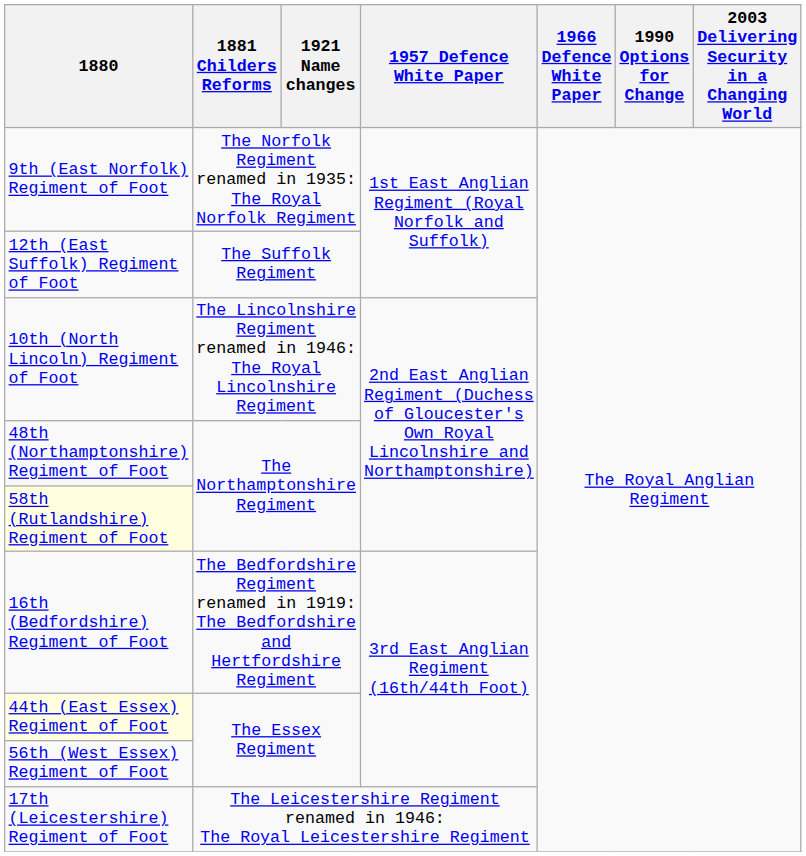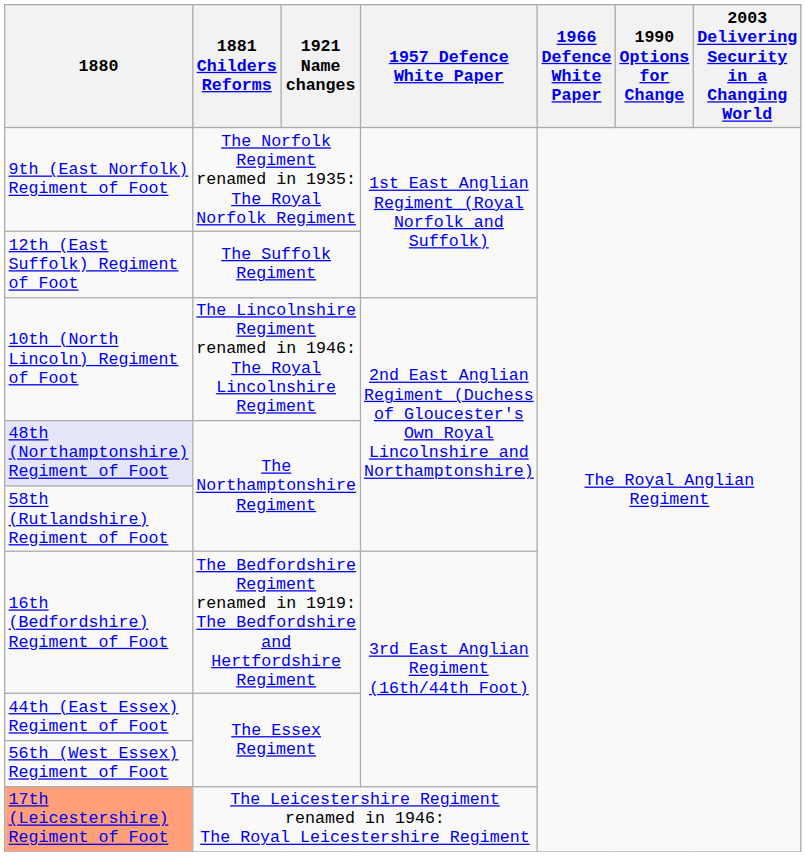 <table class="wikitable">
 <tr>
 <th>1880</th>
 <th>1881 <a href='#'>Childers Reforms</a></th>
 <th>1921 Name changes</th>
 <th><a href='#'>1957 Defence White Paper</a></th>
 <th><a href='#'>1966 Defence White Paper</a></th>
 <th>1990 <a href='#'>Options for Change</a></th>
 <th>2003 <a href='#'>Delivering Security in a Changing World</a></th>
 </tr>
 <tr>
 <td><a href='#'>9th (East Norfolk) Regiment of Foot</a></td>
 <td colspan="2" style="text-align:center;"><a href='#'>The Norfolk Regiment</a><br>renamed in 1935:<br><a href='#'>The Royal Norfolk Regiment</a></td>
 <td rowspan="2" style="text-align:center;"><a href='#'>1st East Anglian Regiment (Royal Norfolk and Suffolk)</a></td>
 <td rowspan="9" colspan="3" style="text-align: center;"><a href='#'>The Royal Anglian Regiment</a></td>
 </tr>
 <tr>
 <td><a href='#'>12th (East Suffolk) Regiment of Foot</a></td>
 <td colspan="2" style="text-align:center;"><a href='#'>The Suffolk Regiment</a></td>
 </tr>
 <tr>
 <td><a href='#'>10th (North Lincoln) Regiment of Foot</a></td>
 <td colspan="2" style="text-align:center;"><a href='#'>The Lincolnshire Regiment</a><br>renamed in 1946:<br><a href='#'>The Royal Lincolnshire Regiment</a></td>
 <td rowspan="3" style="text-align:center;"><a href='#'>2nd East Anglian Regiment (Duchess of Gloucester's Own Royal Lincolnshire and Northamptonshire)</a></td>
 </tr>
 <tr>
-<td><a href='#'>48th (Northamptonshire) Regiment of Foot</a></td>
+<td style="background: lavender;"><a href='#'>48th (Northamptonshire) Regiment of Foot</a></td>
 <td rowspan="2" colspan="2" style="text-align: center;"><a href='#'>The Northamptonshire Regiment</a></td>
 </tr>
 <tr>
-<td style="background: lightyellow;"><a href='#'>58th (Rutlandshire) Regiment of Foot</a></td>
+<td><a href='#'>58th (Rutlandshire) Regiment of Foot</a></td>
 </tr>
 <tr>
 <td><a href='#'>16th (Bedfordshire) Regiment of Foot</a></td>
 <td colspan="2" style="text-align:center;"><a href='#'>The Bedfordshire Regiment</a><br>renamed in 1919:<br><a href='#'>The Bedfordshire and Hertfordshire Regiment</a></td>
 <td rowspan="3" style="text-align:center;"><a href='#'>3rd East Anglian Regiment (16th/44th Foot)</a></td>
 </tr>
 <tr>
-<td style="background: lightyellow;"><a href='#'>44th (East Essex) Regiment of Foot</a></td>
+<td><a href='#'>44th (East Essex) Regiment of Foot</a></td>
 <td rowspan="2" colspan="2" style="text-align: center;"><a href='#'>The Essex Regiment</a></td>
 </tr>
 <tr>
 <td><a href='#'>56th (West Essex) Regiment of Foot</a></td>
 </tr>
 <tr>
-<td><a href='#'>17th (Leicestershire) Regiment of Foot</a></td>
+<td style="background: lightsalmon;"><a href='#'>17th (Leicestershire) Regiment of Foot</a></td>
 <td colspan="3" style="text-align:center;"><a href='#'>The Leicestershire Regiment</a><br>renamed in 1946:<br><a href='#'>The Royal Leicestershire Regiment</a></td>
 </tr>
 </table>
